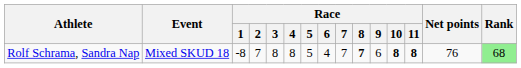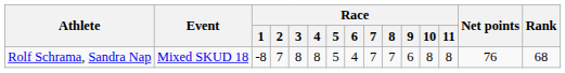 <table class=wikitable>
 <tr>
 <th rowspan=2>Athlete</th>
 <th rowspan=2>Event</th>
 <th colspan=11>Race</th>
 <th rowspan=2>Net points</th>
 <th rowspan=2>Rank</th>
 </tr>
 <tr>
 <th width=15>1</th>
 <th width=15>2</th>
 <th width=15>3</th>
 <th width=15>4</th>
 <th width=15>5</th>
 <th width=15>6</th>
 <th width=15>7</th>
 <th width=15>8</th>
 <th width=15>9</th>
 <th width=15>10</th>
 <th width=15>11</th>
 </tr>
 <tr>
 <td><a href='#'>Rolf Schrama</a>, <a href='#'>Sandra Nap</a></td>
 <td><a href='#'>Mixed SKUD 18</a></td>
 <td align=center>-8</td>
 <td align=center>7</td>
 <td align=center>8</td>
 <td align=center>8</td>
 <td align=center>5</td>
 <td align=center>4</td>
 <td align=center>7</td>
-<td align=center><strong>7</strong></td>
+<td align=center>7</td>
 <td align=center>6</td>
-<td align=center><strong>8</strong></td>
-<td align=center><strong>8</strong></td>
+<td align=center>8</td>
+<td align=center>8</td>
 <td align=center>76</td>
-<td align=center style="background: lightgreen;">68</td>
+<td align=center>68</td>
 </tr>
 </table>
